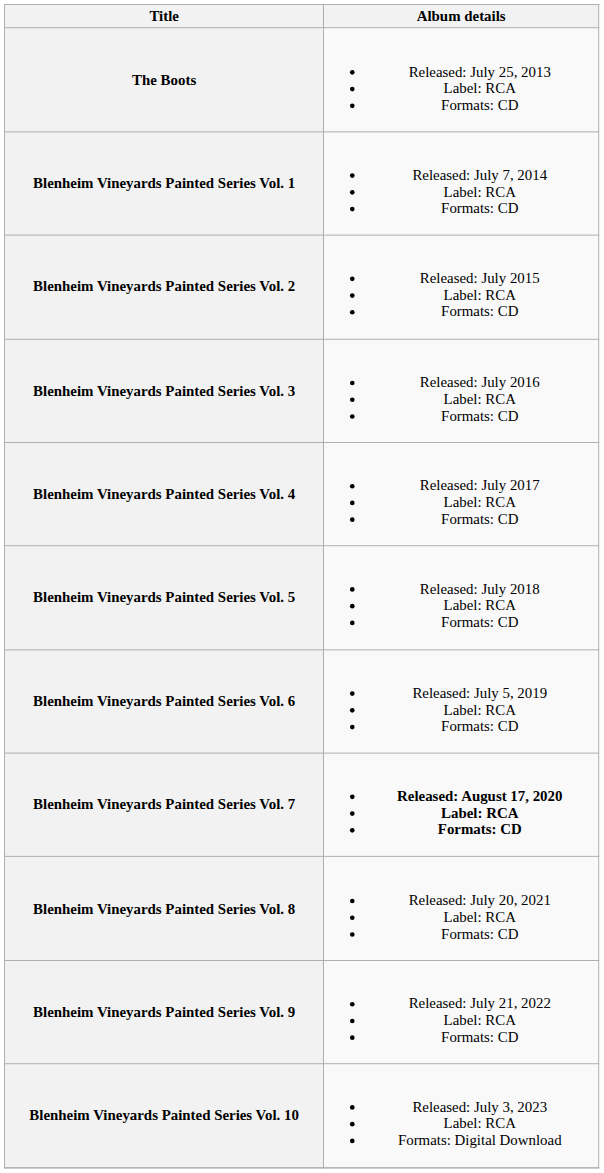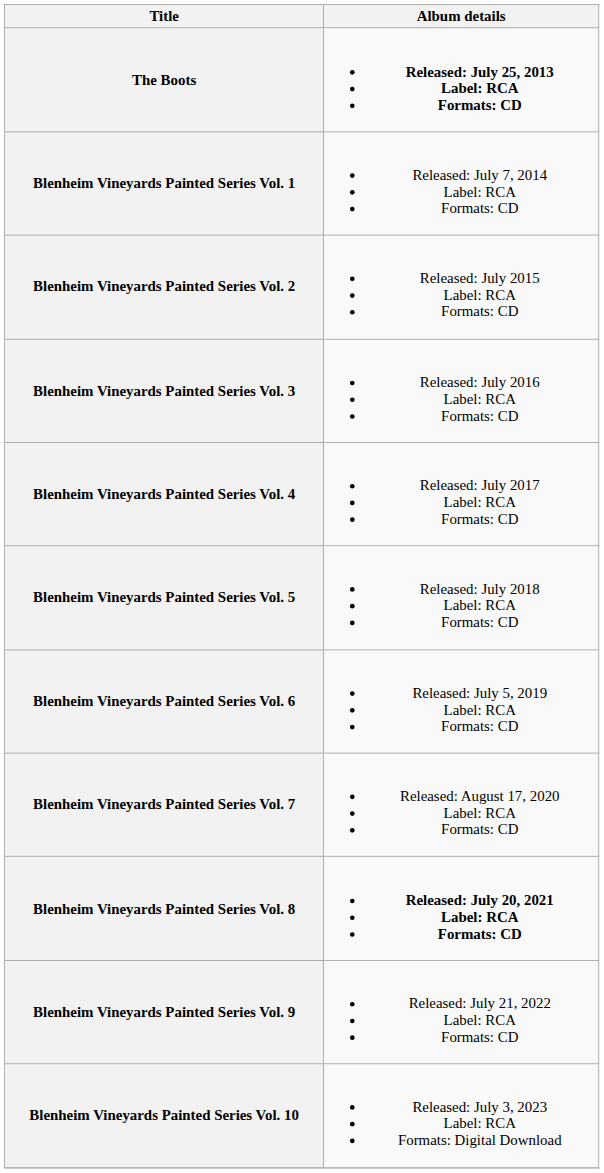 <table class="wikitable plainrowheaders" style="text-align:center;">
 <tr>
 <th scope="col" style="width:21em;">Title</th>
 <th scope="col" style="width:18em;">Album details</th>
 </tr>
 <tr>
 <th scope="row">The Boots</th>
-<td><br><ul><li>Released: July 25, 2013</li><li>Label: RCA</li><li>Formats: CD</li></ul></td>
+<td><strong><br><ul><li>Released: July 25, 2013</li><li>Label: RCA</li><li>Formats: CD</li></ul></strong></td>
 </tr>
 <tr>
 <th scope="row">Blenheim Vineyards Painted Series Vol. 1</th>
 <td><br><ul><li>Released: July 7, 2014</li><li>Label: RCA</li><li>Formats: CD</li></ul></td>
 </tr>
 <tr>
 <th scope="row">Blenheim Vineyards Painted Series Vol. 2</th>
 <td><br><ul><li>Released: July 2015</li><li>Label: RCA</li><li>Formats: CD</li></ul></td>
 </tr>
 <tr>
 <th scope="row">Blenheim Vineyards Painted Series Vol. 3</th>
 <td><br><ul><li>Released: July 2016</li><li>Label: RCA</li><li>Formats: CD</li></ul></td>
 </tr>
 <tr>
 <th scope="row">Blenheim Vineyards Painted Series Vol. 4</th>
 <td><br><ul><li>Released: July 2017</li><li>Label: RCA</li><li>Formats: CD</li></ul></td>
 </tr>
 <tr>
 <th scope="row">Blenheim Vineyards Painted Series Vol. 5</th>
 <td><br><ul><li>Released: July 2018</li><li>Label: RCA</li><li>Formats: CD</li></ul></td>
 </tr>
 <tr>
 <th scope="row">Blenheim Vineyards Painted Series Vol. 6</th>
 <td><br><ul><li>Released: July 5, 2019</li><li>Label: RCA</li><li>Formats: CD</li></ul></td>
 </tr>
 <tr>
 <th scope="row">Blenheim Vineyards Painted Series Vol. 7</th>
-<td><strong><br><ul><li>Released: August 17, 2020</li><li>Label: RCA</li><li>Formats: CD</li></ul></strong></td>
+<td><br><ul><li>Released: August 17, 2020</li><li>Label: RCA</li><li>Formats: CD</li></ul></td>
 </tr>
 <tr>
 <th scope="row">Blenheim Vineyards Painted Series Vol. 8</th>
-<td><br><ul><li>Released: July 20, 2021</li><li>Label: RCA</li><li>Formats: CD</li></ul></td>
+<td><strong><br><ul><li>Released: July 20, 2021</li><li>Label: RCA</li><li>Formats: CD</li></ul></strong></td>
 </tr>
 <tr>
 <th scope="row">Blenheim Vineyards Painted Series Vol. 9</th>
 <td><br><ul><li>Released: July 21, 2022</li><li>Label: RCA</li><li>Formats: CD</li></ul></td>
 </tr>
 <tr>
 <th scope="row">Blenheim Vineyards Painted Series Vol. 10</th>
 <td><br><ul><li>Released: July 3, 2023</li><li>Label: RCA</li><li>Formats: Digital Download</li></ul></td>
 </tr>
 <tr>
 </tr>
 </table>
